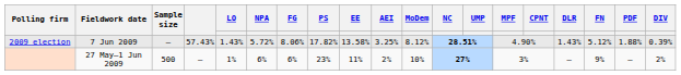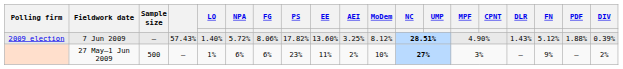 <table class="wikitable sortable" style="text-align:center;font-size:90%;line-height:14px;">
 <tr style="height:40px;">
 <th style="width:100px;" rowspan="2">Polling firm</th>
 <th style="width:110px;" rowspan="2">Fieldwork date</th>
 <th style="width:35px;" rowspan="2">Sample<br>size</th>
 <th style="width:30px;" rowspan="2"></th>
 <th class="unsortable" style="width:40px;"><a href='#'>LO</a></th>
 <th class="unsortable" style="width:40px;"><a href='#'>NPA</a></th>
 <th class="unsortable" style="width:40px;"><a href='#'>FG</a></th>
 <th class="unsortable" style="width:40px;"><a href='#'>PS</a></th>
 <th class="unsortable" style="width:40px;"><a href='#'>EE</a></th>
 <th class="unsortable" style="width:40px;"><a href='#'>AEI</a></th>
 <th class="unsortable" style="width:40px;"><a href='#'>MoDem</a></th>
 <th class="unsortable" style="width:40px;"><a href='#'>NC</a></th>
 <th class="unsortable" style="width:40px;"><a href='#'>UMP</a></th>
 <th class="unsortable" style="width:40px;"><a href='#'>MPF</a></th>
 <th class="unsortable" style="width:40px;"><a href='#'>CPNT</a></th>
 <th class="unsortable" style="width:40px;"><a href='#'>DLR</a></th>
 <th class="unsortable" style="width:40px;"><a href='#'>FN</a></th>
 <th class="unsortable" style="width:40px;"><a href='#'>PDF</a></th>
 <th class="unsortable" style="width:40px;"><a href='#'>DIV</a></th>
 </tr>
 <tr>
 <th style="background:"></th>
 <th style="background:"></th>
 <th style="background:"></th>
 <th style="background:"></th>
 <th style="background:"></th>
 <th style="background:"></th>
 <th style="background:"></th>
 <th style="background:"></th>
 <th style="background:"></th>
 <th style="background:"></th>
 <th style="background:"></th>
 <th style="background:"></th>
 <th style="background:"></th>
 <th style="background:"></th>
 <th style="background:"></th>
 </tr>
 <tr style="background:#E9E9E9;">
 <td><a href='#'>2009 election</a></td>
 <td data-sort-value="2009-06-07">7 Jun 2009</td>
 <td>–</td>
 <td>57.43%</td>
-<td>1.43%</td>
+<td>1.40%</td>
 <td>5.72%</td>
 <td>8.06%</td>
 <td>17.82%</td>
-<td>13.58%</td>
+<td>13.60%</td>
 <td>3.25%</td>
 <td>8.12%</td>
 <td style="background:#B9DAFF;" colspan="2"><strong>28.51%</strong></td>
 <td colspan="2">4.90%</td>
 <td>1.43%</td>
 <td>5.12%</td>
 <td>1.88%</td>
 <td>0.39%</td>
 </tr>
 <tr>
 <td style="background:#FFDFCC;"></td>
 <td data-sort-value="2009-06-01">27 May–1 Jun 2009</td>
 <td>500</td>
 <td>–</td>
 <td>1%</td>
 <td>6%</td>
 <td>6%</td>
 <td>23%</td>
 <td>11%</td>
 <td>2%</td>
 <td>10%</td>
 <td style="background:#B9DAFF;" colspan="2"><strong>27%</strong></td>
 <td colspan="2">3%</td>
 <td>–</td>
 <td>9%</td>
 <td>–</td>
 <td>2%</td>
 </tr>
 </table>
